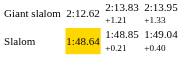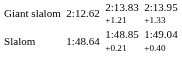 <table>
 <tr>
 <td>Giant slalom</td>
 <td></td>
 <td>2:12.62</td>
 <td></td>
 <td>2:13.83<br><small>+1.21</small></td>
 <td></td>
 <td>2:13.95<br><small>+1.33</small></td>
 </tr>
 <tr>
 <td>Slalom</td>
 <td></td>
-<td style="background: gold;">1:48.64</td>
+<td>1:48.64</td>
 <td></td>
 <td>1:48.85<br><small>+0.21</small></td>
 <td></td>
 <td>1:49.04<br><small>+0.40</small></td>
 </tr>
 </table>
